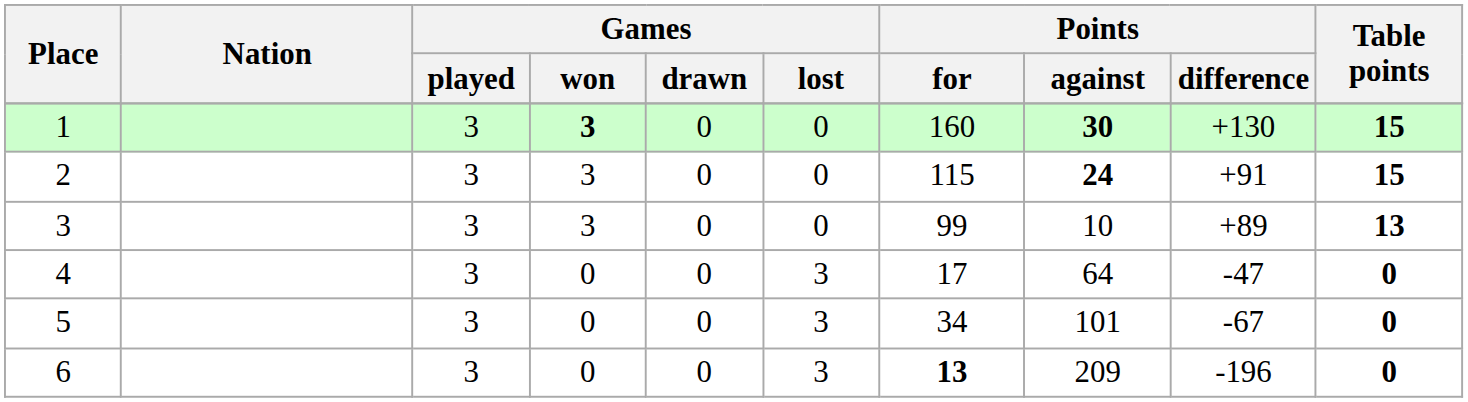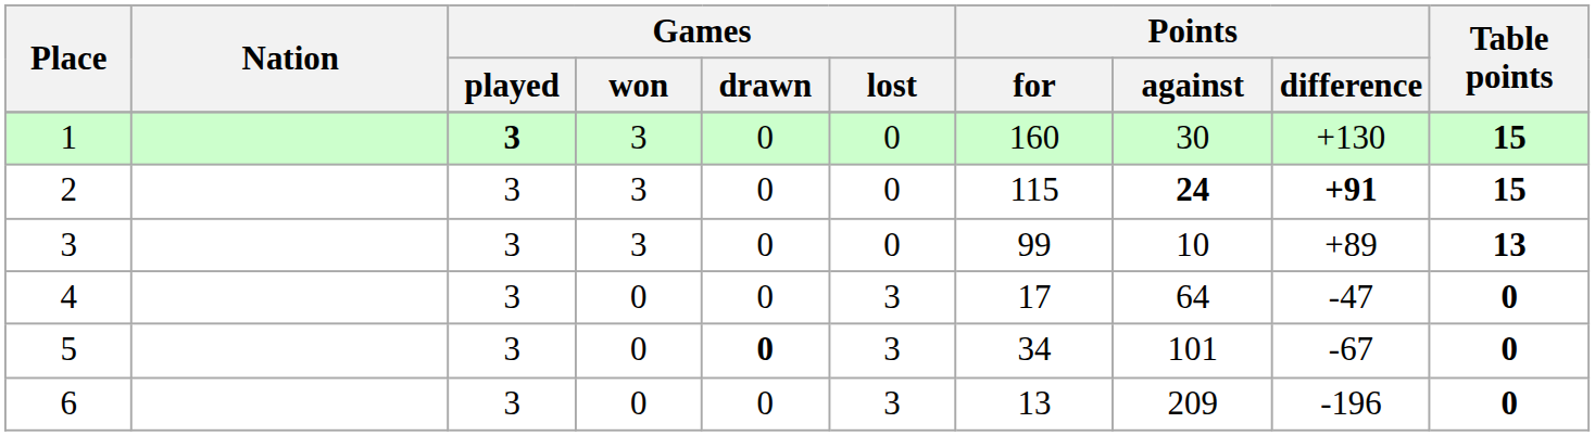 <table class="wikitable">
 <tr>
 <th rowspan=2 width="8%">Place</th>
 <th rowspan=2 width="20%">Nation</th>
 <th colspan=4 width="32%">Games</th>
 <th colspan=3 width="30%">Points</th>
 <th rowspan=2 width="10%">Table<br>points</th>
 </tr>
 <tr>
 <th width="8%">played</th>
 <th width="8%">won</th>
 <th width="8%">drawn</th>
 <th width="8%">lost</th>
 <th width="10%">for</th>
 <th width="10%">against</th>
 <th width="10%">difference</th>
 </tr>
 <tr>
 </tr>
 <tr bgcolor=#ccffcc align=center>
 <td>1</td>
 <td align=left></td>
+<td><strong>3</strong></td>
 <td>3</td>
-<td><strong>3</strong></td>
 <td>0</td>
 <td>0</td>
 <td>160</td>
-<td><strong>30</strong></td>
+<td>30</td>
 <td>+130</td>
 <td><strong>15</strong></td>
 </tr>
 <tr bgcolor=#ffffff align=center>
 <td>2</td>
 <td align=left></td>
 <td>3</td>
 <td>3</td>
 <td>0</td>
 <td>0</td>
 <td>115</td>
 <td><strong>24</strong></td>
-<td>+91</td>
+<td><strong>+91</strong></td>
 <td><strong>15</strong></td>
 </tr>
 <tr bgcolor=#ffffff align=center>
 <td>3</td>
 <td align=left></td>
 <td>3</td>
 <td>3</td>
 <td>0</td>
 <td>0</td>
 <td>99</td>
 <td>10</td>
 <td>+89</td>
 <td><strong>13</strong></td>
 </tr>
 <tr bgcolor=#ffffff align=center>
 <td>4</td>
 <td align=left></td>
 <td>3</td>
 <td>0</td>
 <td>0</td>
 <td>3</td>
 <td>17</td>
 <td>64</td>
 <td>-47</td>
 <td><strong>0</strong></td>
 </tr>
 <tr bgcolor=#ffffff align=center>
 <td>5</td>
 <td align=left></td>
 <td>3</td>
 <td>0</td>
-<td>0</td>
+<td><strong>0</strong></td>
 <td>3</td>
 <td>34</td>
 <td>101</td>
 <td>-67</td>
 <td><strong>0</strong></td>
 </tr>
 <tr bgcolor=#ffffff align=center>
 <td>6</td>
 <td align=left></td>
 <td>3</td>
 <td>0</td>
 <td>0</td>
 <td>3</td>
-<td><strong>13</strong></td>
+<td>13</td>
 <td>209</td>
 <td>-196</td>
 <td><strong>0</strong></td>
 </tr>
 </table>
